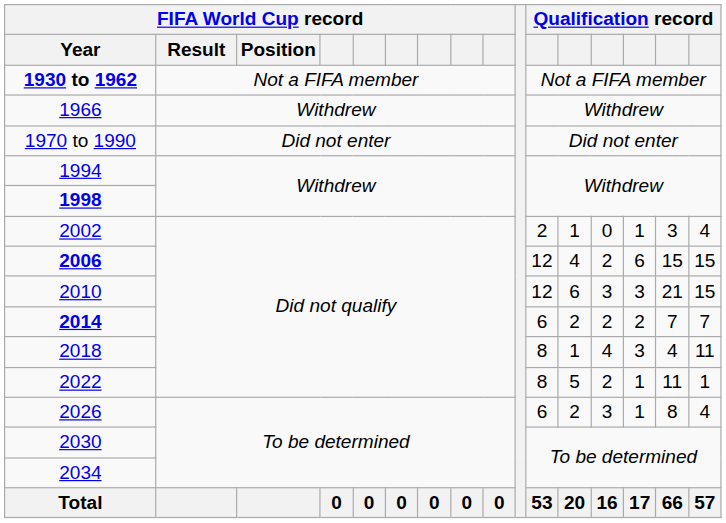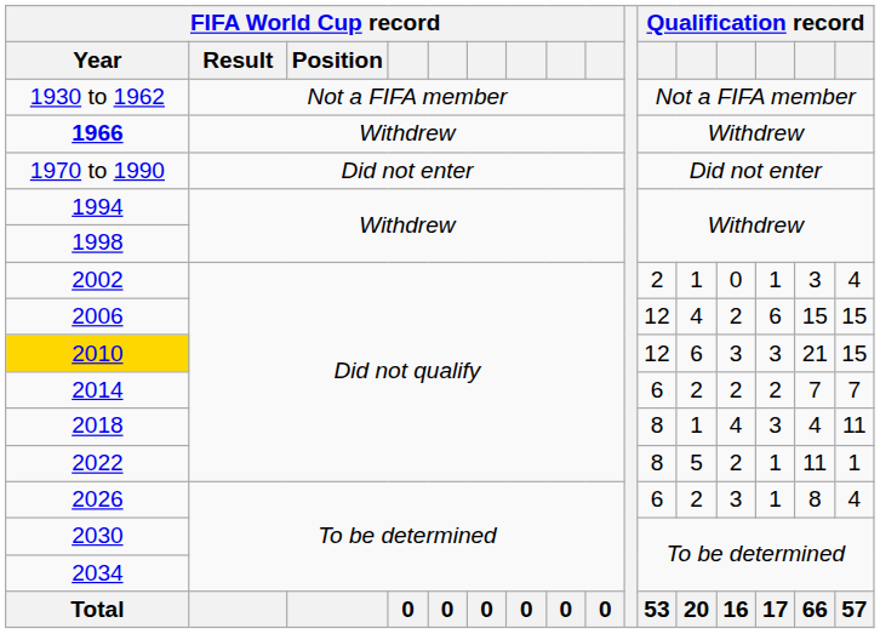 <table class="wikitable" style="text-align: center;">
 <tr>
 <th colspan="9"><a href='#'>FIFA World Cup</a> record</th>
 <th style="width:1px;;" rowspan="28"></th>
 <th colspan="6"><a href='#'>Qualification</a> record</th>
 </tr>
 <tr>
 <th style="width:120px;">Year</th>
 <th style="width:60px;">Result</th>
 <th style="width:60px;">Position</th>
 <th style="width:20px;"></th>
 <th style="width:20px;"></th>
 <th style="width:20px;"></th>
 <th style="width:20px;"></th>
 <th style="width:20px;"></th>
 <th style="width:20px;"></th>
 <th style="width:20px;"></th>
 <th style="width:20px;"></th>
 <th style="width:20px;"></th>
 <th style="width:20px;"></th>
 <th style="width:20px;"></th>
 <th style="width:20px;"></th>
 </tr>
 <tr>
-<td><strong><a href='#'>1930</a> to <a href='#'>1962</a></strong></td>
+<td><a href='#'>1930</a> to <a href='#'>1962</a></td>
 <td colspan="8"><em>Not a FIFA member</em></td>
 <td colspan="6"><em>Not a FIFA member</em></td>
 </tr>
 <tr>
-<td> <a href='#'>1966</a></td>
+<td><strong> <a href='#'>1966</a></strong></td>
 <td colspan="8"><em>Withdrew</em></td>
 <td colspan="6" rowspan="1"><em>Withdrew</em></td>
 </tr>
 <tr>
 <td><a href='#'>1970</a> to <a href='#'>1990</a></td>
 <td colspan="8"><em>Did not enter</em></td>
 <td colspan="6"><em>Did not enter</em></td>
 </tr>
 <tr>
 <td> <a href='#'>1994</a></td>
 <td colspan="8" rowspan="2"><em>Withdrew</em></td>
 <td colspan="6" rowspan="2"><em>Withdrew</em></td>
 </tr>
 <tr>
-<td><strong> <a href='#'>1998</a></strong></td>
+<td> <a href='#'>1998</a></td>
 </tr>
 <tr>
 <td>  <a href='#'>2002</a></td>
 <td colspan="8" rowspan="6"><em>Did not qualify</em></td>
 <td>2</td>
 <td>1</td>
 <td>0</td>
 <td>1</td>
 <td>3</td>
 <td>4</td>
 </tr>
 <tr>
-<td><strong> <a href='#'>2006</a></strong></td>
+<td> <a href='#'>2006</a></td>
 <td>12</td>
 <td>4</td>
 <td>2</td>
 <td>6</td>
 <td>15</td>
 <td>15</td>
 </tr>
 <tr>
-<td> <a href='#'>2010</a></td>
+<td style="background: gold;"> <a href='#'>2010</a></td>
 <td>12</td>
 <td>6</td>
 <td>3</td>
 <td>3</td>
 <td>21</td>
 <td>15</td>
 </tr>
 <tr>
-<td><strong> <a href='#'>2014</a></strong></td>
+<td> <a href='#'>2014</a></td>
 <td>6</td>
 <td>2</td>
 <td>2</td>
 <td>2</td>
 <td>7</td>
 <td>7</td>
 </tr>
 <tr>
 <td> <a href='#'>2018</a></td>
 <td>8</td>
 <td>1</td>
 <td>4</td>
 <td>3</td>
 <td>4</td>
 <td>11</td>
 </tr>
 <tr>
 <td> <a href='#'>2022</a></td>
 <td>8</td>
 <td>5</td>
 <td>2</td>
 <td>1</td>
 <td>11</td>
 <td>1</td>
 </tr>
 <tr>
 <td>   <a href='#'>2026</a></td>
 <td colspan=8 rowspan=3><em>To be determined</em></td>
 <td>6</td>
 <td>2</td>
 <td>3</td>
 <td>1</td>
 <td>8</td>
 <td>4</td>
 </tr>
 <tr>
 <td>   <a href='#'>2030</a></td>
 <td colspan=6 rowspan=2><em>To be determined</em></td>
 </tr>
 <tr>
 <td> <a href='#'>2034</a></td>
 </tr>
 <tr>
 <th>Total</th>
 <th></th>
 <th></th>
 <th>0</th>
 <th>0</th>
 <th>0</th>
 <th>0</th>
 <th>0</th>
 <th>0</th>
 <th>53</th>
 <th>20</th>
 <th>16</th>
 <th>17</th>
 <th>66</th>
 <th>57</th>
 </tr>
 </table>
